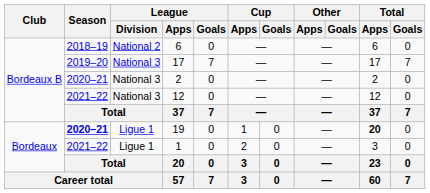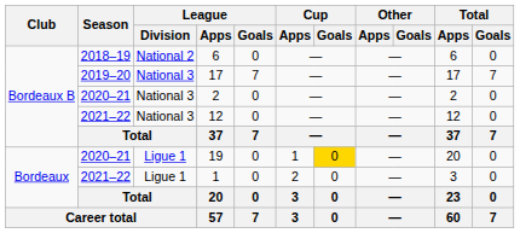 <table class="wikitable" style="text-align:center">
 <tr>
 <th rowspan="2">Club</th>
 <th rowspan="2">Season</th>
 <th colspan="3">League</th>
 <th colspan="2">Cup</th>
 <th colspan="2">Other</th>
 <th colspan="2">Total</th>
 </tr>
 <tr>
 <th>Division</th>
 <th>Apps</th>
 <th>Goals</th>
 <th>Apps</th>
 <th>Goals</th>
 <th>Apps</th>
 <th>Goals</th>
 <th>Apps</th>
 <th>Goals</th>
 </tr>
 <tr>
 <td rowspan="5"><a href='#'>Bordeaux B</a></td>
 <td><a href='#'>2018–19</a></td>
 <td><a href='#'>National 2</a></td>
 <td>6</td>
 <td>0</td>
 <td colspan="2">—</td>
 <td colspan="2">—</td>
 <td>6</td>
 <td>0</td>
 </tr>
 <tr>
 <td><a href='#'>2019–20</a></td>
 <td><a href='#'>National 3</a></td>
 <td>17</td>
 <td>7</td>
 <td colspan="2">—</td>
 <td colspan="2">—</td>
 <td>17</td>
 <td>7</td>
 </tr>
 <tr>
 <td><a href='#'>2020–21</a></td>
 <td>National 3</td>
 <td>2</td>
 <td>0</td>
 <td colspan="2">—</td>
 <td colspan="2">—</td>
 <td>2</td>
 <td>0</td>
 </tr>
 <tr>
 <td><a href='#'>2021–22</a></td>
 <td>National 3</td>
 <td>12</td>
 <td>0</td>
 <td colspan="2">—</td>
 <td colspan="2">—</td>
 <td>12</td>
 <td>0</td>
 </tr>
 <tr>
 <th colspan="2">Total</th>
 <th>37</th>
 <th>7</th>
 <th colspan="2">—</th>
 <th colspan="2">—</th>
 <th>37</th>
 <th>7</th>
 </tr>
 <tr>
 <td rowspan="3"><a href='#'>Bordeaux</a></td>
-<td><strong><a href='#'>2020–21</a></strong></td>
+<td><a href='#'>2020–21</a></td>
 <td><a href='#'>Ligue 1</a></td>
 <td>19</td>
 <td>0</td>
 <td>1</td>
-<td>0</td>
+<td style="background: gold;">0</td>
 <td colspan="2">—</td>
-<td><strong>20</strong></td>
+<td>20</td>
 <td>0</td>
 </tr>
 <tr>
 <td><a href='#'>2021–22</a></td>
 <td>Ligue 1</td>
 <td>1</td>
 <td>0</td>
 <td>2</td>
 <td>0</td>
 <td colspan="2">—</td>
 <td>3</td>
 <td>0</td>
 </tr>
 <tr>
 <th colspan="2">Total</th>
 <th>20</th>
 <th>0</th>
 <th>3</th>
 <th>0</th>
 <th colspan="2">—</th>
 <th>23</th>
 <th>0</th>
 </tr>
 <tr>
 <th colspan="3">Career total</th>
 <th>57</th>
 <th>7</th>
 <th>3</th>
 <th>0</th>
 <th colspan="2">—</th>
 <th>60</th>
 <th>7</th>
 </tr>
 </table>
